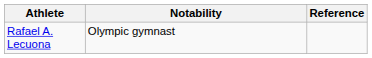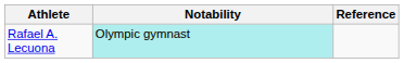 <table class="wikitable" style="width:82%">
 <tr valign="top">
 <th style="width:25%;">Athlete</th>
 <th style="width:75%;">Notability</th>
 <th style="width:*;" class="unsortable">Reference</th>
 </tr>
 <tr valign="top">
 <td><a href='#'>Rafael A. Lecuona</a></td>
-<td>Olympic gymnast</td>
+<td style="background: paleturquoise;">Olympic gymnast</td>
 </tr>
 </table>
